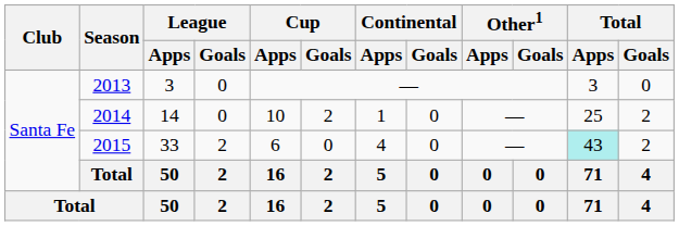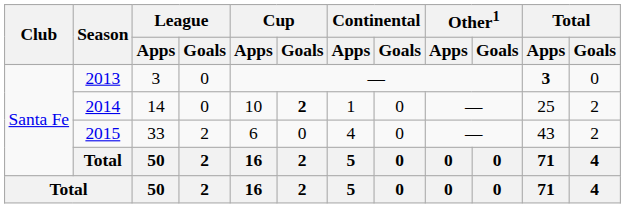 <table class="wikitable" style="text-align: center">
 <tr>
 <th rowspan=2>Club</th>
 <th rowspan=2>Season</th>
 <th colspan=2>League</th>
 <th colspan=2>Cup</th>
 <th colspan=2>Continental</th>
 <th colspan=2>Other<sup>1</sup></th>
 <th colspan=2>Total</th>
 </tr>
 <tr>
 <th>Apps</th>
 <th>Goals</th>
 <th>Apps</th>
 <th>Goals</th>
 <th>Apps</th>
 <th>Goals</th>
 <th>Apps</th>
 <th>Goals</th>
 <th>Apps</th>
 <th>Goals</th>
 </tr>
 <tr>
 <td rowspan=4><a href='#'>Santa Fe</a></td>
 <td><a href='#'>2013</a></td>
 <td>3</td>
 <td>0</td>
 <td colspan="6">—</td>
-<td>3</td>
+<td><strong>3</strong></td>
 <td>0</td>
 </tr>
 <tr>
 <td><a href='#'>2014</a></td>
 <td>14</td>
 <td>0</td>
 <td>10</td>
-<td>2</td>
+<td><strong>2</strong></td>
 <td>1</td>
 <td>0</td>
 <td colspan="2">—</td>
 <td>25</td>
 <td>2</td>
 </tr>
 <tr>
 <td><a href='#'>2015</a></td>
 <td>33</td>
 <td>2</td>
 <td>6</td>
 <td>0</td>
 <td>4</td>
 <td>0</td>
 <td colspan="2">—</td>
-<td style="background: paleturquoise;">43</td>
+<td>43</td>
 <td>2</td>
 </tr>
 <tr>
 <th>Total</th>
 <th>50</th>
 <th>2</th>
 <th>16</th>
 <th>2</th>
 <th>5</th>
 <th>0</th>
 <th>0</th>
 <th>0</th>
 <th>71</th>
 <th>4</th>
 </tr>
 <tr>
 <th colspan=2>Total</th>
 <th>50</th>
 <th>2</th>
 <th>16</th>
 <th>2</th>
 <th>5</th>
 <th>0</th>
 <th>0</th>
 <th>0</th>
 <th>71</th>
 <th>4</th>
 </tr>
 </table>
